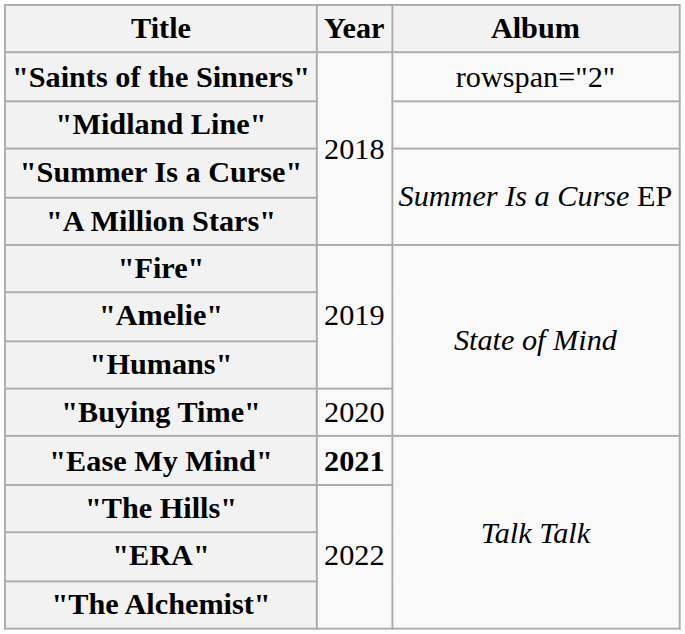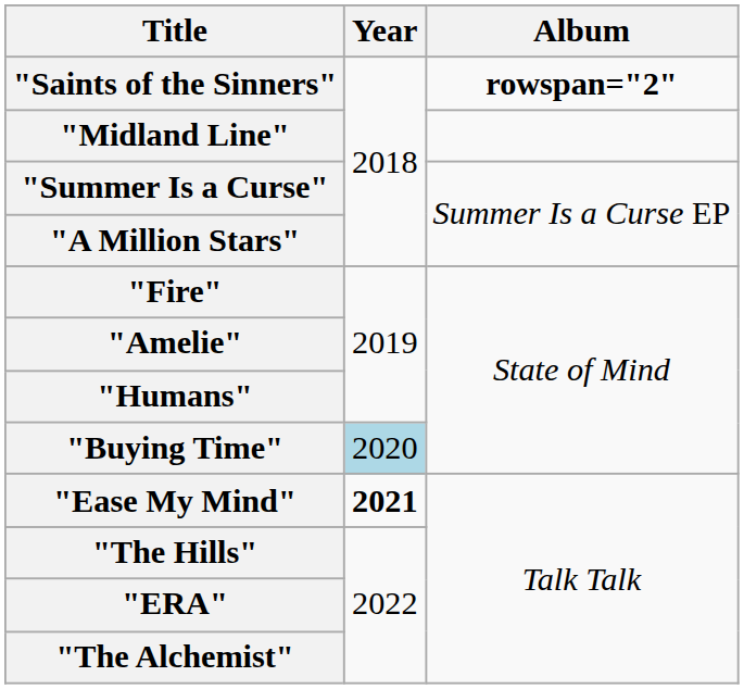 <table class="wikitable plainrowheaders" style="text-align:center">
 <tr>
 <th scope="col">Title</th>
 <th scope="col">Year</th>
 <th scope="col">Album</th>
 </tr>
 <tr>
 <th scope="row">"Saints of the Sinners"</th>
 <td rowspan="4">2018</td>
-<td>rowspan="2" </td>
+<td><strong>rowspan="2" </strong></td>
 </tr>
 <tr>
 <th scope="row">"Midland Line"</th>
 </tr>
 <tr>
 <th scope="row">"Summer Is a Curse"</th>
 <td rowspan="2"><em>Summer Is a Curse</em> EP</td>
 </tr>
 <tr>
 <th scope="row">"A Million Stars"</th>
 </tr>
 <tr>
 <th scope="row">"Fire"</th>
 <td rowspan="3">2019</td>
 <td rowspan="4"><em>State of Mind</em></td>
 </tr>
 <tr>
 <th scope="row">"Amelie"</th>
 </tr>
 <tr>
 <th scope="row">"Humans"</th>
 </tr>
 <tr>
 <th scope="row">"Buying Time"</th>
-<td>2020</td>
+<td style="background: lightblue;">2020</td>
 </tr>
 <tr>
 <th scope="row">"Ease My Mind"</th>
 <td><strong>2021</strong></td>
 <td rowspan="4"><em>Talk Talk</em></td>
 </tr>
 <tr>
 <th scope="row">"The Hills"</th>
 <td rowspan="3">2022</td>
 </tr>
 <tr>
 <th scope="row">"ERA"</th>
 </tr>
 <tr>
 <th scope="row">"The Alchemist"</th>
 </tr>
 </table>
